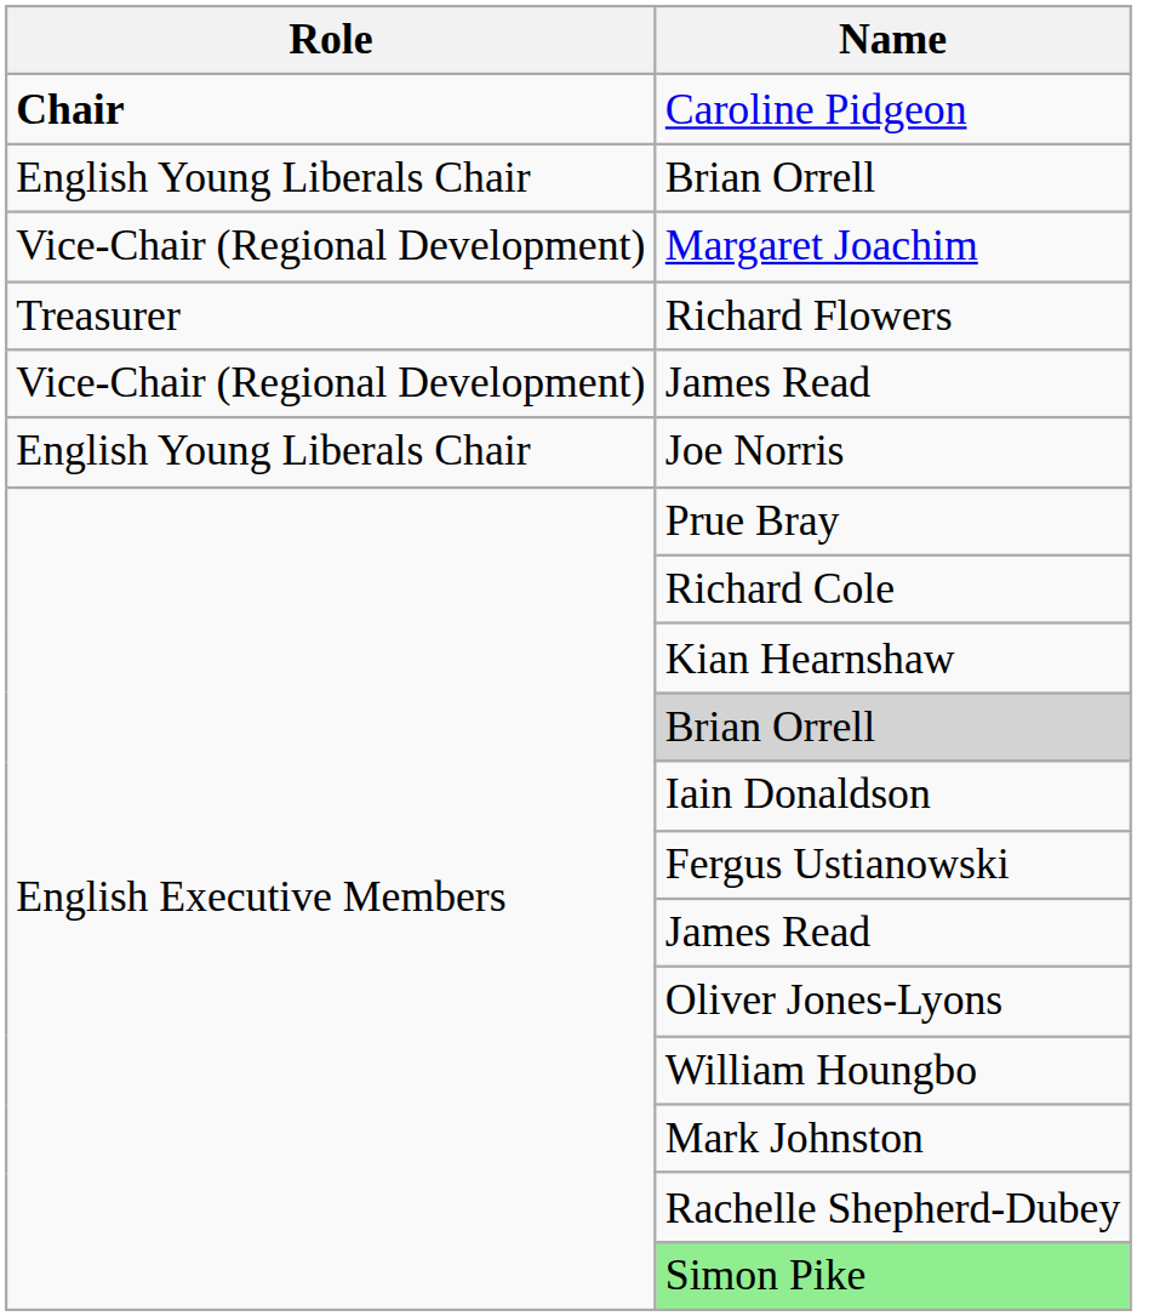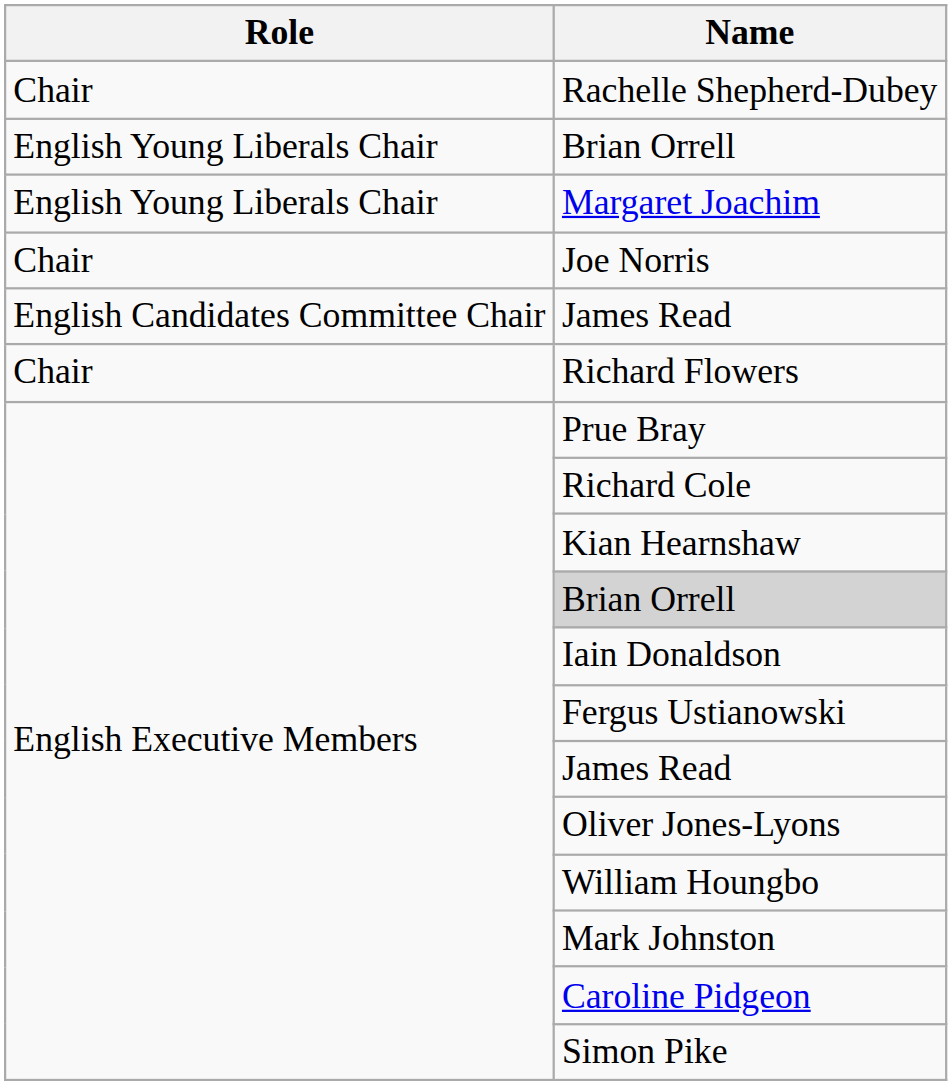 <table class="wikitable">
 <tr>
 <th>Role</th>
 <th>Name</th>
 </tr>
 <tr>
-<td><strong>Chair</strong></td>
-<td><a href='#'>Caroline Pidgeon</a></td>
+<td>Chair</td>
+<td>Rachelle Shepherd-Dubey</td>
 </tr>
 <tr>
 <td>English Young Liberals Chair</td>
 <td>Brian Orrell</td>
 </tr>
 <tr>
-<td>Vice-Chair (Regional Development)</td>
+<td>English Young Liberals Chair</td>
 <td><a href='#'>Margaret Joachim</a></td>
 </tr>
 <tr>
-<td>Treasurer</td>
-<td>Richard Flowers</td>
+<td>Chair</td>
+<td>Joe Norris</td>
 </tr>
 <tr>
-<td>Vice-Chair (Regional Development)</td>
+<td>English Candidates Committee Chair</td>
 <td>James Read</td>
 </tr>
 <tr>
-<td>English Young Liberals Chair</td>
-<td>Joe Norris</td>
+<td>Chair</td>
+<td>Richard Flowers</td>
 </tr>
 <tr>
 <td rowspan="12">English Executive Members</td>
 <td>Prue Bray</td>
 </tr>
 <tr>
 <td>Richard Cole</td>
 </tr>
 <tr>
 <td>Kian Hearnshaw</td>
 </tr>
 <tr>
 <td style="background: lightgrey;">Brian Orrell</td>
 </tr>
 <tr>
 <td>Iain Donaldson</td>
 </tr>
 <tr>
 <td>Fergus Ustianowski</td>
 </tr>
 <tr>
 <td>James Read</td>
 </tr>
 <tr>
 <td>Oliver Jones-Lyons</td>
 </tr>
 <tr>
 <td>William Houngbo</td>
 </tr>
 <tr>
 <td>Mark Johnston</td>
 </tr>
 <tr>
-<td>Rachelle Shepherd-Dubey</td>
+<td><a href='#'>Caroline Pidgeon</a></td>
 </tr>
 <tr>
-<td style="background: lightgreen;">Simon Pike</td>
+<td>Simon Pike</td>
 </tr>
 </table>
